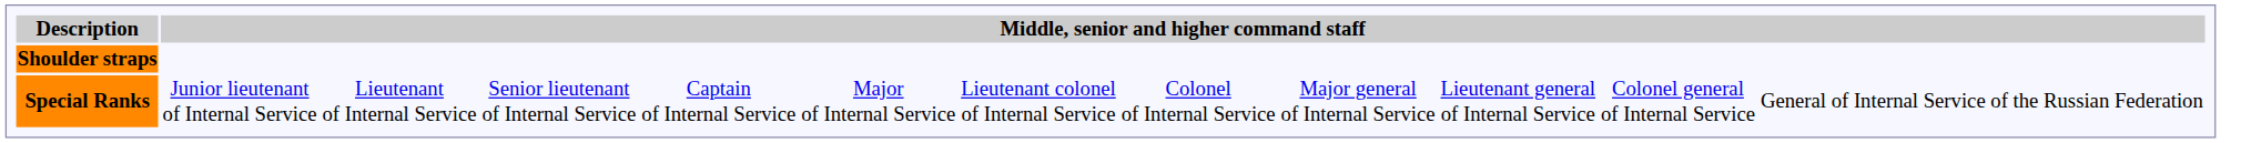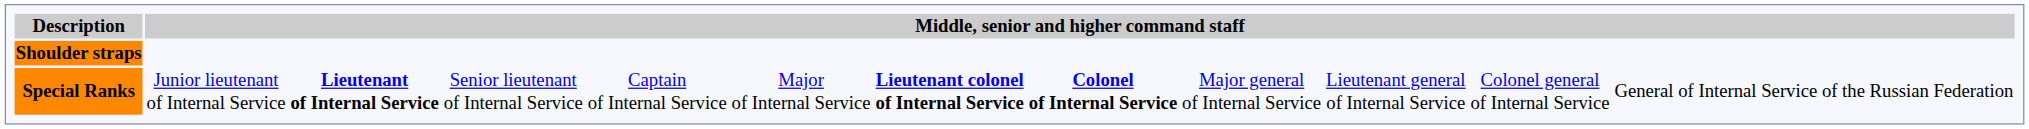 <table style="border:1px solid #8888aa; background-color:#f7f8ff; padding:5px; font-size:95%; margin: 12px 12px 12px 12px;">
 <tr bgcolor="#CCCCCC">
 <th>Description</th>
 <th colspan=11>Middle, senior and higher command staff</th>
 </tr>
 <tr align="center">
 <th style="background:#ff8800; color:black;">Shoulder straps</th>
 <th rowspan=1></th>
 <th rowspan=1></th>
 <th rowspan=1></th>
 <th rowspan=1></th>
 <th rowspan=1></th>
 <th rowspan=1></th>
 <th rowspan=1></th>
 <th rowspan=1></th>
 <th rowspan=1></th>
 <th rowspan=1></th>
 <th rowspan=1></th>
 </tr>
 <tr align="center">
 <th style="background:#ff8800; color:black;">Special Ranks</th>
 <td><a href='#'>Junior lieutenant</a><br>of Internal Service</td>
-<td><a href='#'>Lieutenant</a><br>of Internal Service</td>
+<td><strong><a href='#'>Lieutenant</a><br>of Internal Service</strong></td>
 <td><a href='#'>Senior lieutenant</a><br>of Internal Service</td>
 <td><a href='#'>Captain</a><br>of Internal Service</td>
 <td><a href='#'>Major</a><br>of Internal Service</td>
-<td><a href='#'>Lieutenant colonel</a><br>of Internal Service</td>
-<td><a href='#'>Colonel</a><br>of Internal Service</td>
+<td><strong><a href='#'>Lieutenant colonel</a><br>of Internal Service</strong></td>
+<td><strong><a href='#'>Colonel</a><br>of Internal Service</strong></td>
 <td><a href='#'>Major general</a><br>of Internal Service</td>
 <td><a href='#'>Lieutenant general</a><br>of Internal Service</td>
 <td><a href='#'>Colonel general</a><br>of Internal Service</td>
 <td>General of Internal Service of the Russian Federation</td>
 </tr>
 </table>
